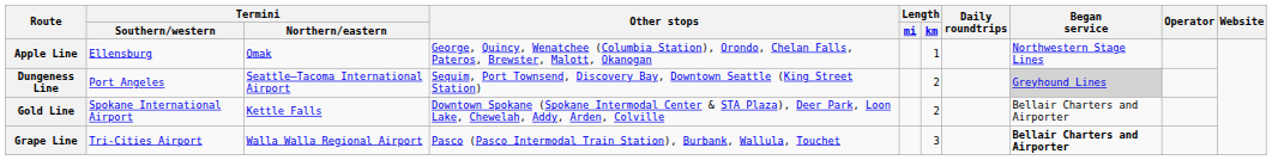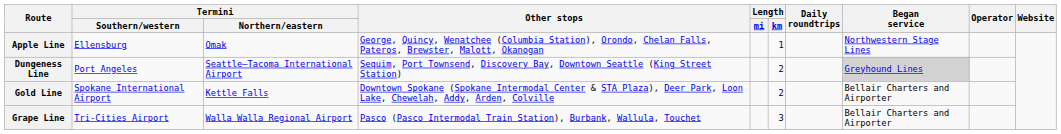 <table class="wikitable sortable plainrowheaders">
 <tr>
 <th scope=col rowspan=2>Route</th>
 <th scope=col colspan=2 class=unsortable>Termini</th>
 <th scope=col rowspan=2 class=unsortable>Other stops</th>
 <th scope=col colspan=2>Length</th>
 <th scope=col rowspan=2>Daily<br>roundtrips</th>
 <th scope=col rowspan=2>Began<br>service</th>
 <th rowspan=2 class=unsortable>Operator</th>
 <th rowspan=2>Website</th>
 </tr>
 <tr>
 <th class=unsortable>Southern/western</th>
 <th class=unsortable>Northern/eastern</th>
 <th><a href='#'>mi</a></th>
 <th><a href='#'>km</a></th>
 </tr>
 <tr>
 <th scope=row>Apple Line</th>
 <td><a href='#'>Ellensburg</a></td>
 <td><a href='#'>Omak</a></td>
 <td><a href='#'>George</a>, <a href='#'>Quincy</a>, <a href='#'>Wenatchee</a> (<a href='#'>Columbia Station</a>), <a href='#'>Orondo</a>, <a href='#'>Chelan Falls</a>, <a href='#'>Pateros</a>, <a href='#'>Brewster</a>, <a href='#'>Malott</a>, <a href='#'>Okanogan</a></td>
 <td></td>
 <td align=right>1</td>
 <td align=right></td>
 <td><a href='#'>Northwestern Stage Lines</a></td>
 <td></td>
 </tr>
 <tr>
 <th scope=row>Dungeness Line</th>
 <td><a href='#'>Port Angeles</a></td>
 <td><a href='#'>Seattle–Tacoma International Airport</a></td>
 <td><a href='#'>Sequim</a>, <a href='#'>Port Townsend</a>, <a href='#'>Discovery Bay</a>, <a href='#'>Downtown Seattle</a> (<a href='#'>King Street Station</a>)</td>
 <td></td>
 <td align=right>2</td>
 <td align=right></td>
 <td style="background: lightgrey;"><a href='#'>Greyhound Lines</a></td>
 <td></td>
 </tr>
 <tr>
 <th scope=row>Gold Line</th>
 <td><a href='#'>Spokane International Airport</a></td>
 <td><a href='#'>Kettle Falls</a></td>
 <td><a href='#'>Downtown Spokane</a> (<a href='#'>Spokane Intermodal Center</a> & <a href='#'>STA Plaza</a>), <a href='#'>Deer Park</a>, <a href='#'>Loon Lake</a>, <a href='#'>Chewelah</a>, <a href='#'>Addy</a>, <a href='#'>Arden</a>, <a href='#'>Colville</a></td>
 <td></td>
 <td align=right>2</td>
 <td align=right></td>
 <td>Bellair Charters and Airporter</td>
 <td></td>
 </tr>
 <tr>
 <th scope=row>Grape Line</th>
 <td><a href='#'>Tri-Cities Airport</a></td>
 <td><a href='#'>Walla Walla Regional Airport</a></td>
 <td><a href='#'>Pasco</a> (<a href='#'>Pasco Intermodal Train Station</a>), <a href='#'>Burbank</a>, <a href='#'>Wallula</a>, <a href='#'>Touchet</a></td>
 <td></td>
 <td align=right>3</td>
 <td align=right></td>
-<td><strong>Bellair Charters and Airporter</strong></td>
+<td>Bellair Charters and Airporter</td>
 <td></td>
 </tr>
 </table>
